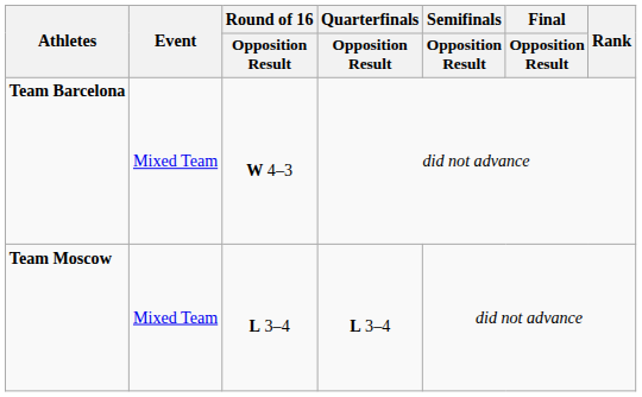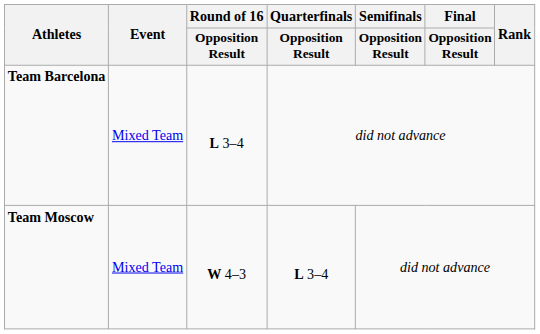 <table class="wikitable" style="font-size:90%">
 <tr>
 <th rowspan="2">Athletes</th>
 <th rowspan="2">Event</th>
 <th>Round of 16</th>
 <th>Quarterfinals</th>
 <th>Semifinals</th>
 <th>Final</th>
 <th rowspan=2>Rank</th>
 </tr>
 <tr style="font-size:95%">
 <th>Opposition<br>Result</th>
 <th>Opposition<br>Result</th>
 <th>Opposition<br>Result</th>
 <th>Opposition<br>Result</th>
 </tr>
 <tr align=center>
 <td align=left><strong>Team Barcelona</strong><br><br> <br><br><br><br><br><br></td>
 <td align=left><a href='#'>Mixed Team</a></td>
-<td><br><strong>W</strong> 4–3</td>
+<td><br><strong>L</strong> 3–4</td>
 <td colspan=4><em>did not advance</em></td>
 </tr>
 <tr align=center>
 <td align=left><strong>Team Moscow</strong><br><br> <br><br><br><br><br></td>
 <td align=left><a href='#'>Mixed Team</a></td>
-<td><br><strong>L</strong> 3–4</td>
+<td><br><strong>W</strong> 4–3</td>
 <td><br><strong>L</strong> 3–4</td>
 <td colspan=3><em>did not advance</em></td>
 </tr>
 </table>
